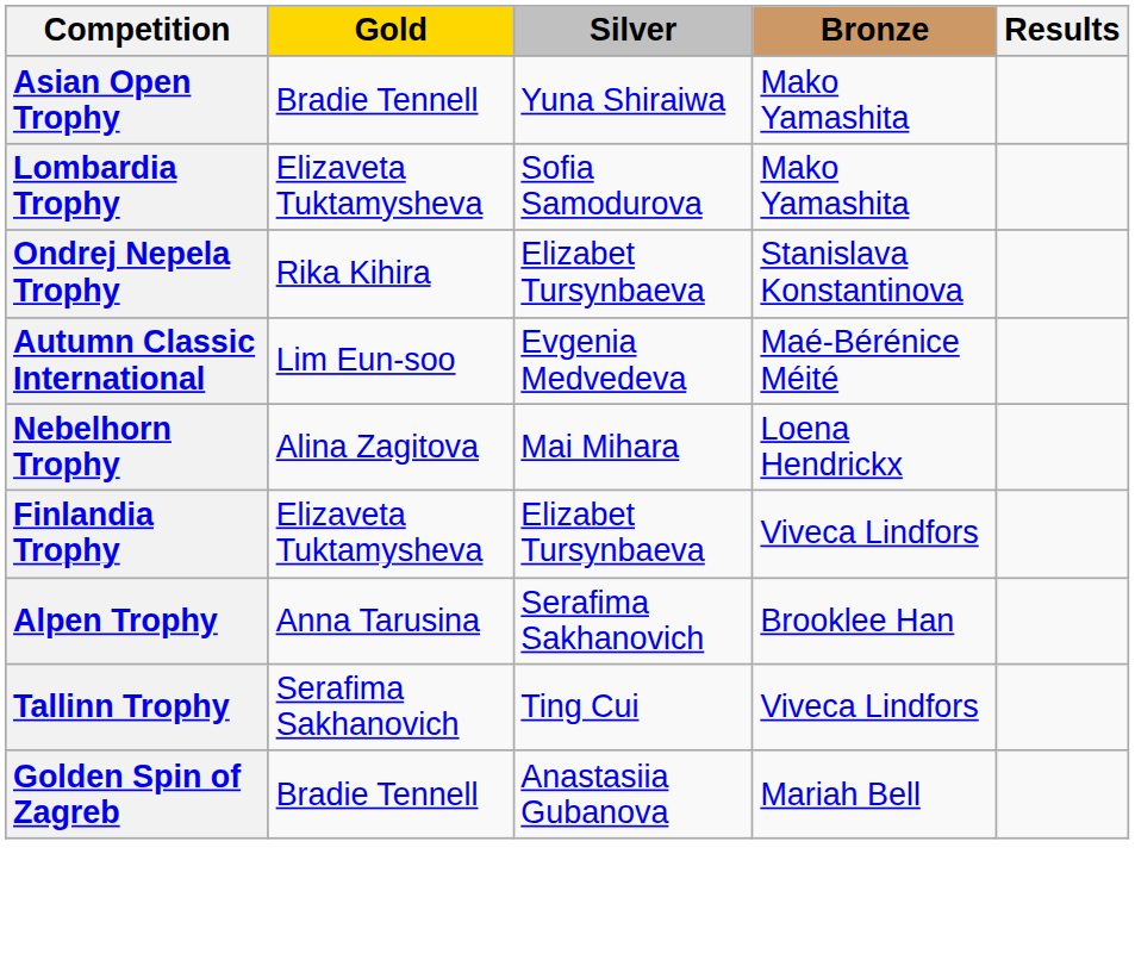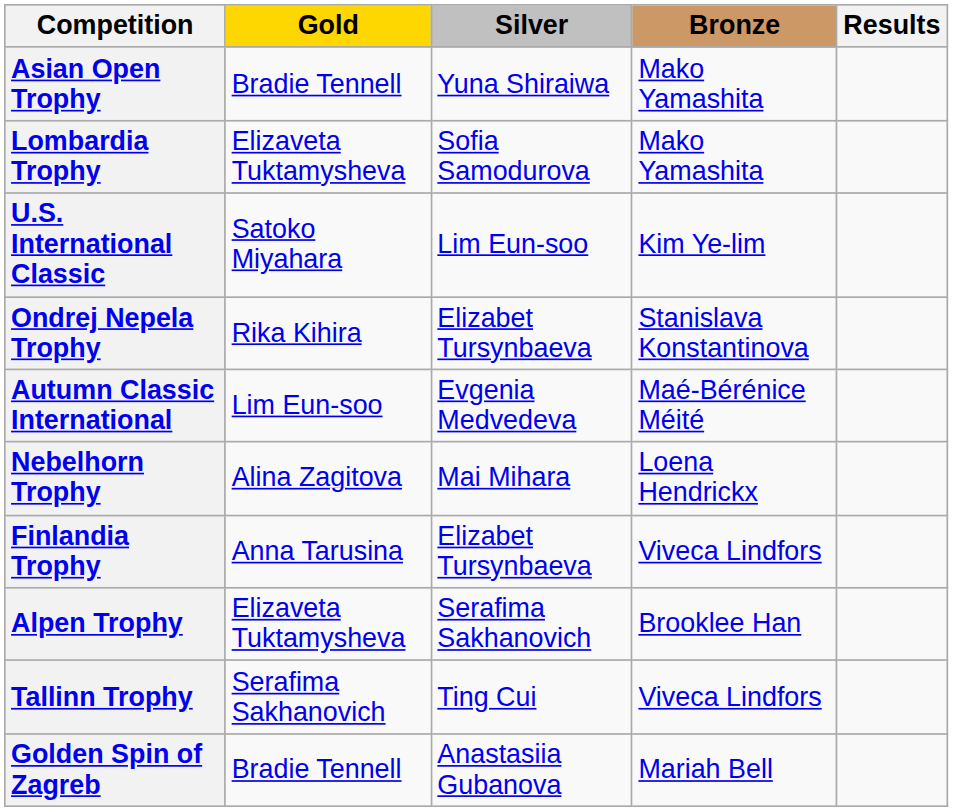 <table class="wikitable unsortable" style="text-align:left; width:90%;">
 <tr>
 <th scope="col" style="text-align:center; width:25%;">Competition</th>
 <td scope="col" style="text-align:center; width:22.5%; background:gold"><strong>Gold</strong></td>
 <td scope="col" style="text-align:center; width:22.5%; background:silver"><strong>Silver</strong></td>
 <td scope="col" style="text-align:center; width:22.5%; background:#c96"><strong>Bronze</strong></td>
 <th scope="col" style="text-align:center; width:7.5%;">Results</th>
 </tr>
 <tr>
 <th scope="row" style="text-align:left"> <a href='#'>Asian Open Trophy</a></th>
 <td> <a href='#'>Bradie Tennell</a></td>
 <td> <a href='#'>Yuna Shiraiwa</a></td>
 <td> <a href='#'>Mako Yamashita</a></td>
 <td></td>
 </tr>
 <tr>
 <th scope="row" style="text-align:left"> <a href='#'>Lombardia Trophy</a></th>
 <td> <a href='#'>Elizaveta Tuktamysheva</a></td>
 <td> <a href='#'>Sofia Samodurova</a></td>
 <td> <a href='#'>Mako Yamashita</a></td>
+<td></td>
+</tr>
+<tr>
+<th scope="row" style="text-align:left"> <a href='#'>U.S. International Classic</a></th>
+<td> <a href='#'>Satoko Miyahara</a></td>
+<td> <a href='#'>Lim Eun-soo</a></td>
+<td> <a href='#'>Kim Ye-lim</a></td>
 <td></td>
 </tr>
 <tr>
 <th scope="row" style="text-align:left"> <a href='#'>Ondrej Nepela Trophy</a></th>
 <td> <a href='#'>Rika Kihira</a></td>
 <td> <a href='#'>Elizabet Tursynbaeva</a></td>
 <td> <a href='#'>Stanislava Konstantinova</a></td>
 <td></td>
 </tr>
 <tr>
 <th scope="row" style="text-align:left"> <a href='#'>Autumn Classic International</a></th>
 <td> <a href='#'>Lim Eun-soo</a></td>
 <td> <a href='#'>Evgenia Medvedeva</a></td>
 <td> <a href='#'>Maé-Bérénice Méité</a></td>
 <td></td>
 </tr>
 <tr>
 <th scope="row" style="text-align:left"> <a href='#'>Nebelhorn Trophy</a></th>
 <td> <a href='#'>Alina Zagitova</a></td>
 <td> <a href='#'>Mai Mihara</a></td>
 <td> <a href='#'>Loena Hendrickx</a></td>
 <td></td>
 </tr>
 <tr>
 <th scope="row" style="text-align:left"> <a href='#'>Finlandia Trophy</a></th>
-<td> <a href='#'>Elizaveta Tuktamysheva</a></td>
+<td> <a href='#'>Anna Tarusina</a></td>
 <td> <a href='#'>Elizabet Tursynbaeva</a></td>
 <td> <a href='#'>Viveca Lindfors</a></td>
 <td></td>
 </tr>
 <tr>
 <th scope="row" style="text-align:left"> <a href='#'>Alpen Trophy</a></th>
-<td> <a href='#'>Anna Tarusina</a></td>
+<td> <a href='#'>Elizaveta Tuktamysheva</a></td>
 <td> <a href='#'>Serafima Sakhanovich</a></td>
 <td> <a href='#'>Brooklee Han</a></td>
 <td></td>
 </tr>
 <tr>
 <th scope="row" style="text-align:left"> <a href='#'>Tallinn Trophy</a></th>
 <td> <a href='#'>Serafima Sakhanovich</a></td>
 <td> <a href='#'>Ting Cui</a></td>
 <td> <a href='#'>Viveca Lindfors</a></td>
 <td></td>
 </tr>
 <tr>
 <th scope="row" style="text-align:left"> <a href='#'>Golden Spin of Zagreb</a></th>
 <td> <a href='#'>Bradie Tennell</a></td>
 <td> <a href='#'>Anastasiia Gubanova</a></td>
 <td> <a href='#'>Mariah Bell</a></td>
 <td></td>
 </tr>
 </table>
